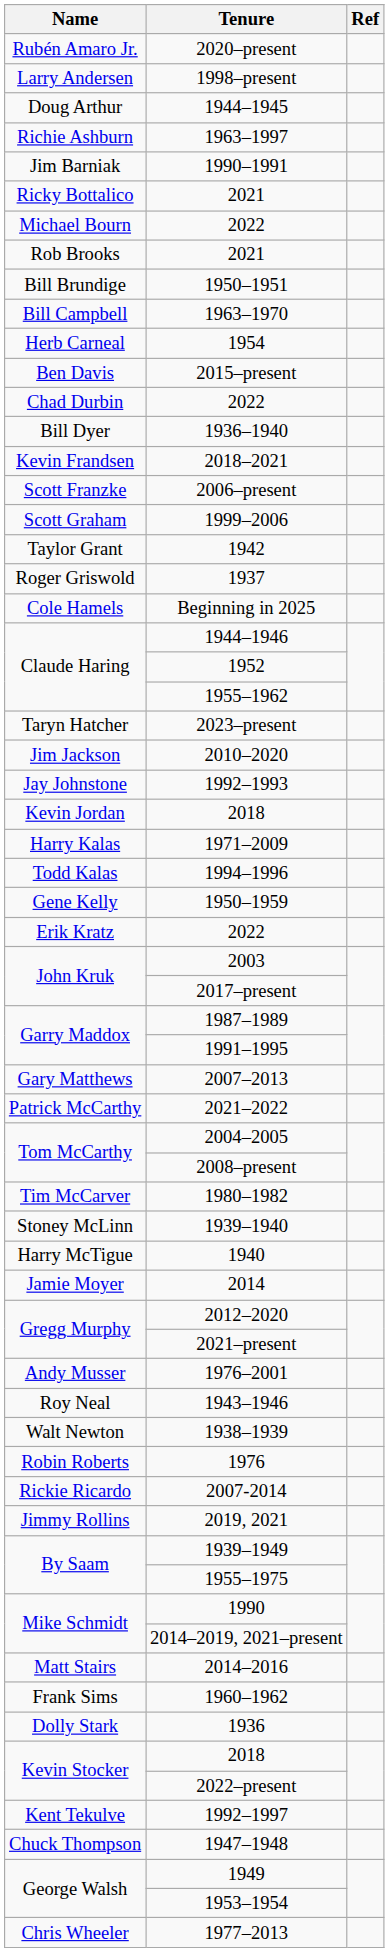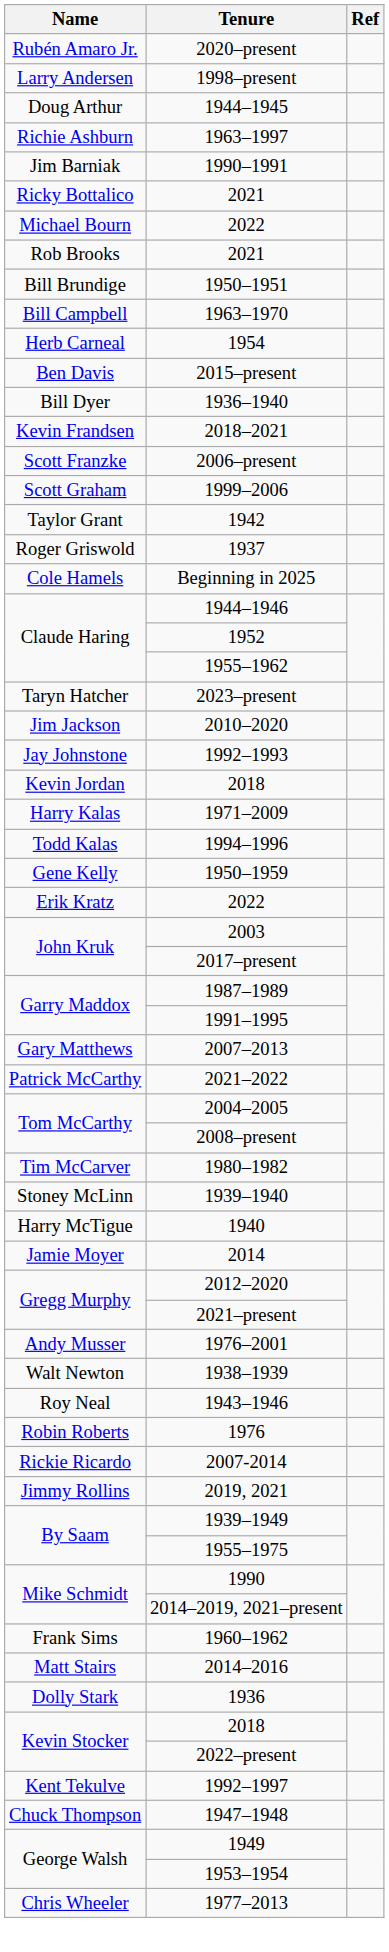 <table class="wikitable" style="text-align:center">
 <tr>
 <th>Name</th>
 <th>Tenure</th>
 <th>Ref</th>
 </tr>
 <tr>
 <td><a href='#'>Rubén Amaro Jr.</a></td>
 <td>2020–present</td>
 <td></td>
 </tr>
 <tr>
 <td><a href='#'>Larry Andersen</a></td>
 <td>1998–present</td>
 <td></td>
 </tr>
 <tr>
 <td>Doug Arthur</td>
 <td>1944–1945</td>
 <td></td>
 </tr>
 <tr>
 <td><a href='#'>Richie Ashburn</a></td>
 <td>1963–1997</td>
 <td></td>
 </tr>
 <tr>
 <td>Jim Barniak</td>
 <td>1990–1991</td>
 <td></td>
 </tr>
 <tr>
 <td><a href='#'>Ricky Bottalico</a></td>
 <td>2021</td>
 <td></td>
 </tr>
 <tr>
 <td><a href='#'>Michael Bourn</a></td>
 <td>2022</td>
 <td></td>
 </tr>
 <tr>
 <td>Rob Brooks</td>
 <td>2021</td>
 <td></td>
 </tr>
 <tr>
 <td>Bill Brundige</td>
 <td>1950–1951</td>
 <td></td>
 </tr>
 <tr>
 <td><a href='#'>Bill Campbell</a></td>
 <td>1963–1970</td>
 <td></td>
 </tr>
 <tr>
 <td><a href='#'>Herb Carneal</a></td>
 <td>1954</td>
 <td></td>
 </tr>
 <tr>
 <td><a href='#'>Ben Davis</a></td>
 <td>2015–present</td>
-<td></td>
-</tr>
-<tr>
-<td><a href='#'>Chad Durbin</a></td>
-<td>2022</td>
 <td></td>
 </tr>
 <tr>
 <td>Bill Dyer</td>
 <td>1936–1940</td>
 <td></td>
 </tr>
 <tr>
 <td><a href='#'>Kevin Frandsen</a></td>
 <td>2018–2021</td>
 <td></td>
 </tr>
 <tr>
 <td><a href='#'>Scott Franzke</a></td>
 <td>2006–present</td>
 <td></td>
 </tr>
 <tr>
 <td><a href='#'>Scott Graham</a></td>
 <td>1999–2006</td>
 <td></td>
 </tr>
 <tr>
 <td>Taylor Grant</td>
 <td>1942</td>
 <td></td>
 </tr>
 <tr>
 <td>Roger Griswold</td>
 <td>1937</td>
 <td></td>
 </tr>
 <tr>
 <td><a href='#'>Cole Hamels</a></td>
 <td>Beginning in 2025</td>
 <td></td>
 </tr>
 <tr>
 <td rowspan=3>Claude Haring</td>
 <td>1944–1946</td>
 <td rowspan=3></td>
 </tr>
 <tr>
 <td>1952</td>
 </tr>
 <tr>
 <td>1955–1962</td>
 </tr>
 <tr>
 <td>Taryn Hatcher</td>
 <td>2023–present</td>
 <td></td>
 </tr>
 <tr>
 <td><a href='#'>Jim Jackson</a></td>
 <td>2010–2020</td>
 <td></td>
 </tr>
 <tr>
 <td><a href='#'>Jay Johnstone</a></td>
 <td>1992–1993</td>
 <td></td>
 </tr>
 <tr>
 <td><a href='#'>Kevin Jordan</a></td>
 <td>2018</td>
 <td></td>
 </tr>
 <tr>
 <td><a href='#'>Harry Kalas</a></td>
 <td>1971–2009</td>
 <td></td>
 </tr>
 <tr>
 <td><a href='#'>Todd Kalas</a></td>
 <td>1994–1996</td>
 <td></td>
 </tr>
 <tr>
 <td><a href='#'>Gene Kelly</a></td>
 <td>1950–1959</td>
 <td></td>
 </tr>
 <tr>
 <td><a href='#'>Erik Kratz</a></td>
 <td>2022</td>
 <td></td>
 </tr>
 <tr>
 <td rowspan=2><a href='#'>John Kruk</a></td>
 <td>2003</td>
 <td rowspan=2></td>
 </tr>
 <tr>
 <td>2017–present</td>
 </tr>
 <tr>
 <td rowspan=2><a href='#'>Garry Maddox</a></td>
 <td>1987–1989</td>
 <td rowspan=2></td>
 </tr>
 <tr>
 <td>1991–1995</td>
 </tr>
 <tr>
 <td><a href='#'>Gary Matthews</a></td>
 <td>2007–2013</td>
 <td></td>
 </tr>
 <tr>
 <td><a href='#'>Patrick McCarthy</a></td>
 <td>2021–2022</td>
 <td></td>
 </tr>
 <tr>
 <td rowspan=2><a href='#'>Tom McCarthy</a></td>
 <td>2004–2005</td>
 <td rowspan=2></td>
 </tr>
 <tr>
 <td>2008–present</td>
 </tr>
 <tr>
 <td><a href='#'>Tim McCarver</a></td>
 <td>1980–1982</td>
 <td></td>
 </tr>
 <tr>
 <td>Stoney McLinn</td>
 <td>1939–1940</td>
 <td></td>
 </tr>
 <tr>
 <td>Harry McTigue</td>
 <td>1940</td>
 <td></td>
 </tr>
 <tr>
 <td><a href='#'>Jamie Moyer</a></td>
 <td>2014</td>
 <td></td>
 </tr>
 <tr>
 <td rowspan=2><a href='#'>Gregg Murphy</a></td>
 <td>2012–2020</td>
 <td rowspan=2></td>
 </tr>
 <tr>
 <td>2021–present</td>
 </tr>
 <tr>
 <td><a href='#'>Andy Musser</a></td>
 <td>1976–2001</td>
 <td></td>
 </tr>
 <tr>
-<td>Roy Neal</td>
-<td>1943–1946</td>
+<td>Walt Newton</td>
+<td>1938–1939</td>
 <td></td>
 </tr>
 <tr>
-<td>Walt Newton</td>
-<td>1938–1939</td>
+<td>Roy Neal</td>
+<td>1943–1946</td>
 <td></td>
 </tr>
 <tr>
 <td><a href='#'>Robin Roberts</a></td>
 <td>1976</td>
 <td></td>
 </tr>
 <tr>
 <td><a href='#'>Rickie Ricardo</a></td>
 <td>2007-2014</td>
 <td></td>
 </tr>
 <tr>
 <td><a href='#'>Jimmy Rollins</a></td>
 <td>2019, 2021</td>
 <td></td>
 </tr>
 <tr>
 <td rowspan=2><a href='#'>By Saam</a></td>
 <td>1939–1949</td>
 <td rowspan=2></td>
 </tr>
 <tr>
 <td>1955–1975</td>
 </tr>
 <tr>
 <td rowspan=2><a href='#'>Mike Schmidt</a></td>
 <td>1990</td>
 <td rowspan=2></td>
 </tr>
 <tr>
 <td>2014–2019, 2021–present</td>
 </tr>
 <tr>
-<td><a href='#'>Matt Stairs</a></td>
-<td>2014–2016</td>
+<td>Frank Sims</td>
+<td>1960–1962</td>
 <td></td>
 </tr>
 <tr>
-<td>Frank Sims</td>
-<td>1960–1962</td>
+<td><a href='#'>Matt Stairs</a></td>
+<td>2014–2016</td>
 <td></td>
 </tr>
 <tr>
 <td><a href='#'>Dolly Stark</a></td>
 <td>1936</td>
 <td></td>
 </tr>
 <tr>
 <td rowspan=2><a href='#'>Kevin Stocker</a></td>
 <td>2018</td>
 <td rowspan=2></td>
 </tr>
 <tr>
 <td>2022–present</td>
 </tr>
 <tr>
 <td><a href='#'>Kent Tekulve</a></td>
 <td>1992–1997</td>
 <td></td>
 </tr>
 <tr>
 <td><a href='#'>Chuck Thompson</a></td>
 <td>1947–1948</td>
 <td></td>
 </tr>
 <tr>
 <td rowspan=2>George Walsh</td>
 <td>1949</td>
 <td rowspan=2></td>
 </tr>
 <tr>
 <td>1953–1954</td>
 </tr>
 <tr>
 <td><a href='#'>Chris Wheeler</a></td>
 <td>1977–2013</td>
 <td></td>
 </tr>
 </table>
